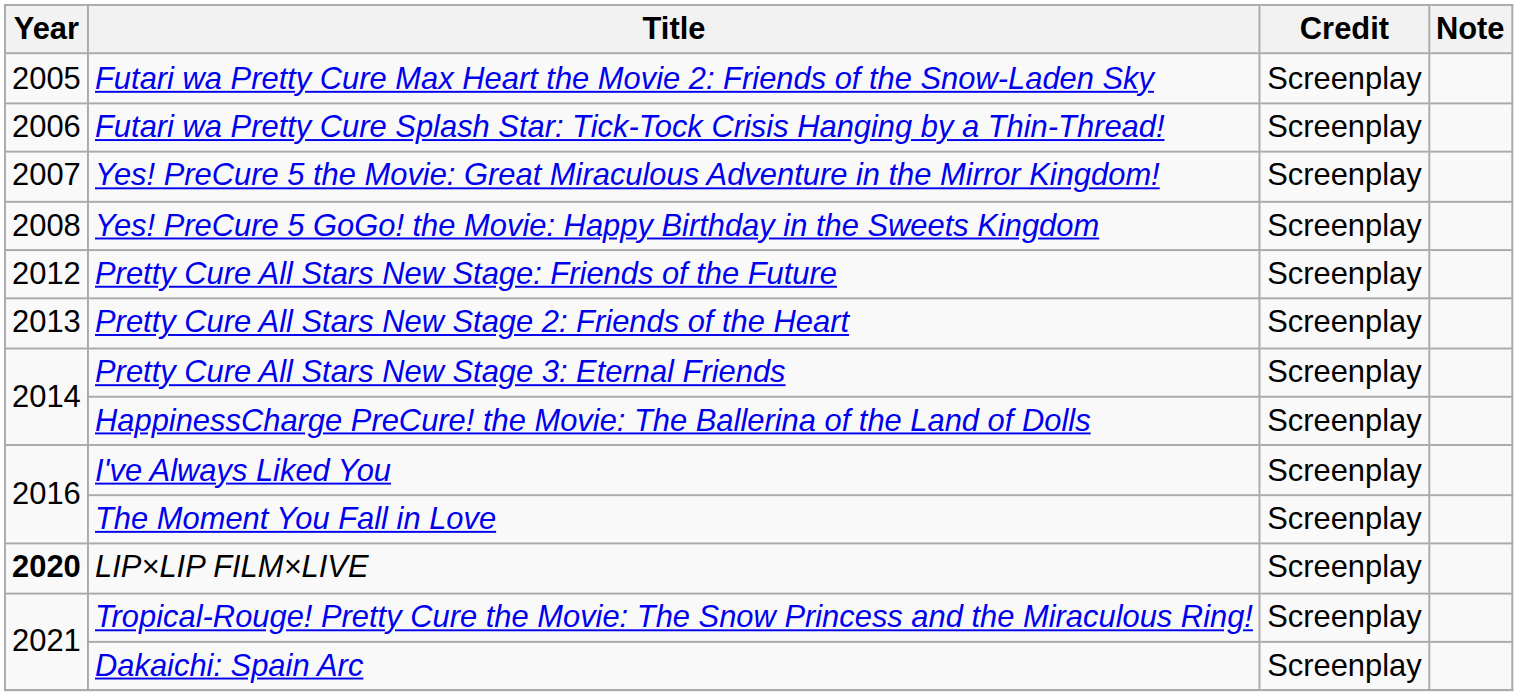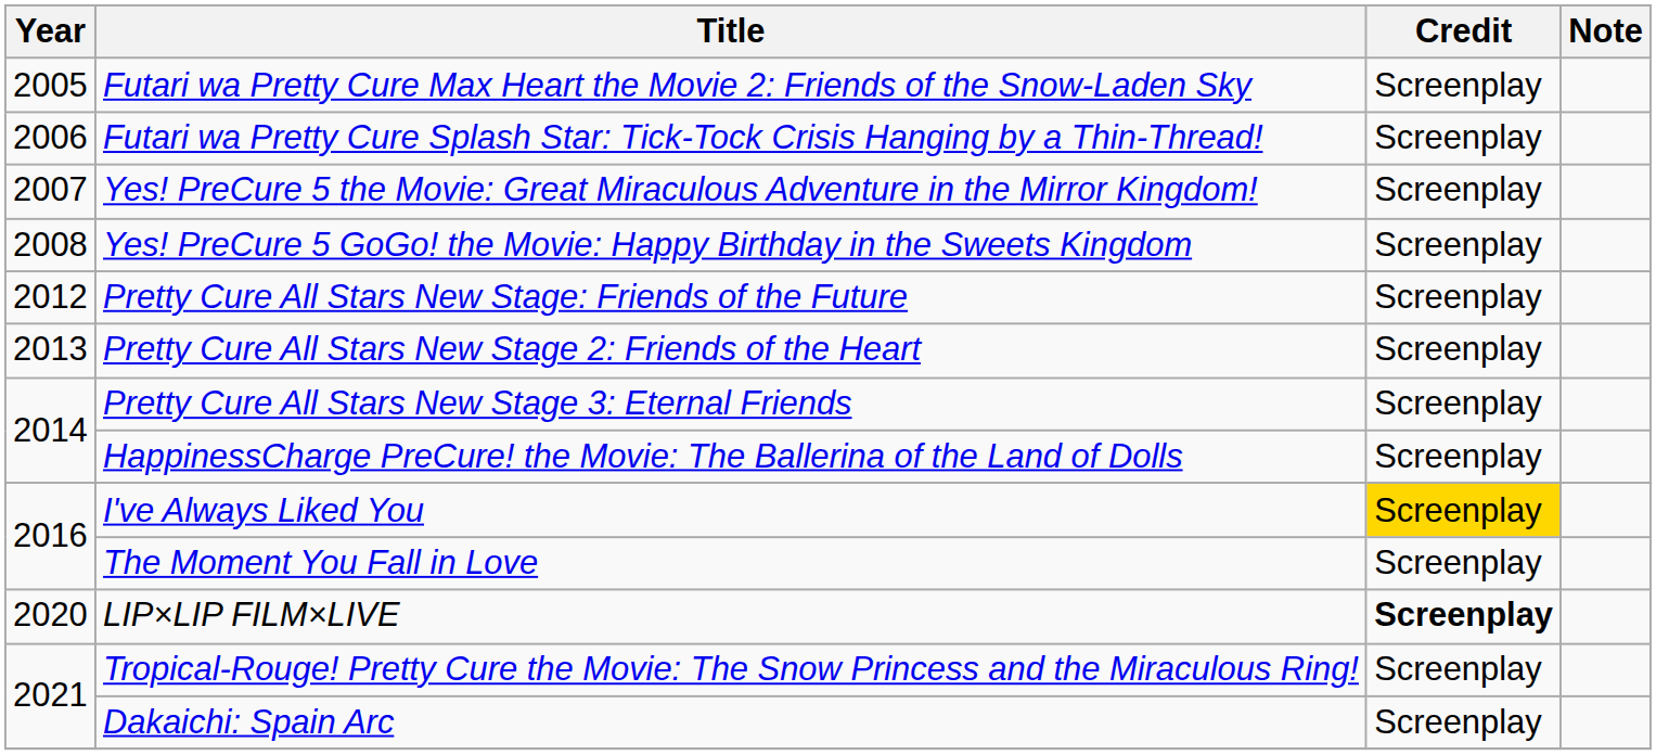 <table class="wikitable">
 <tr>
 <th>Year</th>
 <th>Title</th>
 <th>Credit</th>
 <th>Note</th>
 </tr>
 <tr>
 <td>2005</td>
 <td><em><a href='#'>Futari wa Pretty Cure Max Heart the Movie 2: Friends of the Snow-Laden Sky</a></em></td>
 <td>Screenplay</td>
 <td></td>
 </tr>
 <tr>
 <td>2006</td>
 <td><em><a href='#'>Futari wa Pretty Cure Splash Star: Tick-Tock Crisis Hanging by a Thin-Thread!</a></em></td>
 <td>Screenplay</td>
 <td></td>
 </tr>
 <tr>
 <td>2007</td>
 <td><em><a href='#'>Yes! PreCure 5 the Movie: Great Miraculous Adventure in the Mirror Kingdom!</a></em></td>
 <td>Screenplay</td>
 <td></td>
 </tr>
 <tr>
 <td>2008</td>
 <td><em><a href='#'>Yes! PreCure 5 GoGo! the Movie: Happy Birthday in the Sweets Kingdom</a></em></td>
 <td>Screenplay</td>
 <td></td>
 </tr>
 <tr>
 <td>2012</td>
 <td><em><a href='#'>Pretty Cure All Stars New Stage: Friends of the Future</a></em></td>
 <td>Screenplay</td>
 <td></td>
 </tr>
 <tr>
 <td>2013</td>
 <td><em><a href='#'>Pretty Cure All Stars New Stage 2: Friends of the Heart</a></em></td>
 <td>Screenplay</td>
 <td></td>
 </tr>
 <tr>
 <td rowspan="2">2014</td>
 <td><em><a href='#'>Pretty Cure All Stars New Stage 3: Eternal Friends</a></em></td>
 <td>Screenplay</td>
 <td></td>
 </tr>
 <tr>
 <td><em><a href='#'>HappinessCharge PreCure! the Movie: The Ballerina of the Land of Dolls</a></em></td>
 <td>Screenplay</td>
 <td></td>
 </tr>
 <tr>
 <td rowspan="2">2016</td>
 <td><em><a href='#'>I've Always Liked You</a></em></td>
-<td>Screenplay</td>
+<td style="background: gold;">Screenplay</td>
 <td></td>
 </tr>
 <tr>
 <td><em><a href='#'>The Moment You Fall in Love</a></em></td>
 <td>Screenplay</td>
 <td></td>
 </tr>
 <tr>
-<td><strong>2020</strong></td>
+<td>2020</td>
 <td><em>LIP×LIP FILM×LIVE</em></td>
-<td>Screenplay</td>
+<td><strong>Screenplay</strong></td>
 <td></td>
 </tr>
 <tr>
 <td rowspan="2">2021</td>
 <td><em><a href='#'>Tropical-Rouge! Pretty Cure the Movie: The Snow Princess and the Miraculous Ring!</a></em></td>
 <td>Screenplay</td>
 <td></td>
 </tr>
 <tr>
 <td><em><a href='#'>Dakaichi: Spain Arc</a></em></td>
 <td>Screenplay</td>
 <td></td>
 </tr>
 <tr>
 </tr>
 </table>
